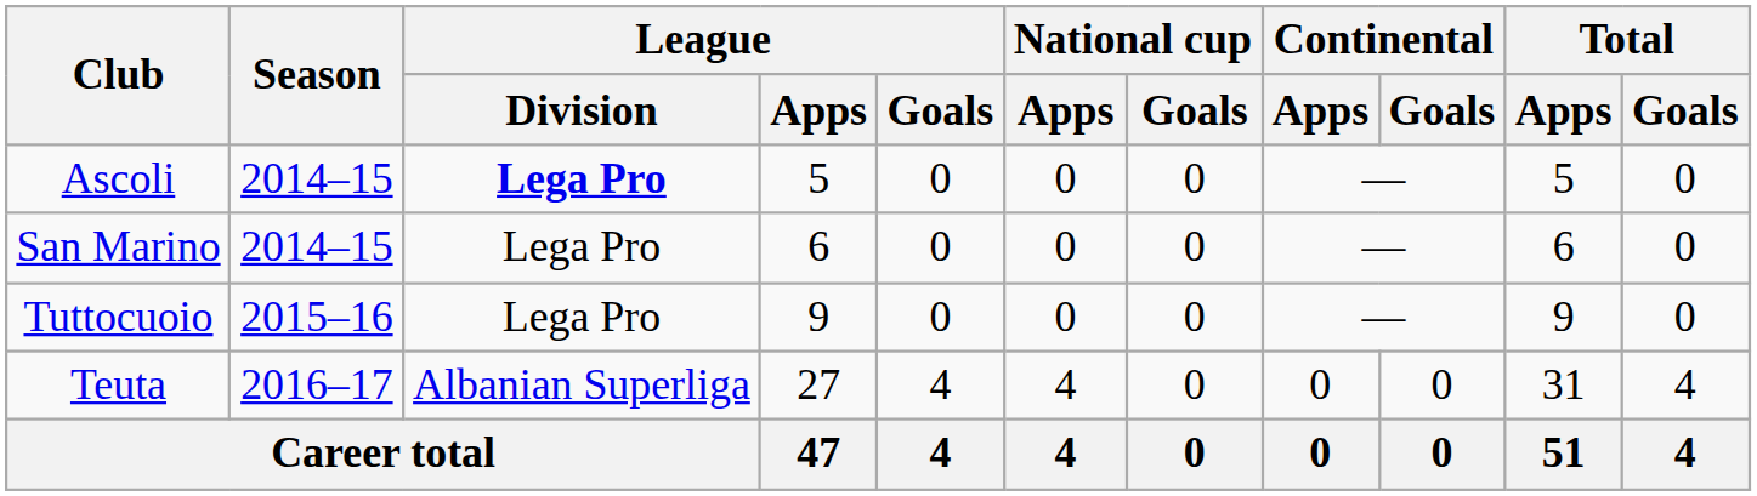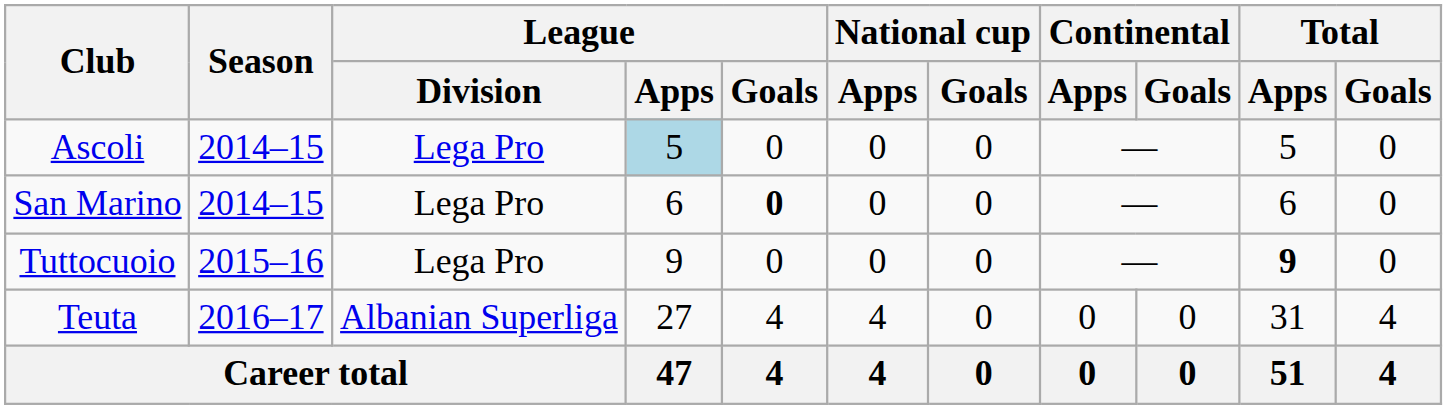 <table class="wikitable" style="text-align:center">
 <tr>
 <th rowspan="2">Club</th>
 <th rowspan="2">Season</th>
 <th colspan="3">League</th>
 <th colspan="2">National cup</th>
 <th colspan="2">Continental</th>
 <th colspan="2">Total</th>
 </tr>
 <tr>
 <th>Division</th>
 <th>Apps</th>
 <th>Goals</th>
 <th>Apps</th>
 <th>Goals</th>
 <th>Apps</th>
 <th>Goals</th>
 <th>Apps</th>
 <th>Goals</th>
 </tr>
 <tr>
 <td><a href='#'>Ascoli</a></td>
 <td><a href='#'>2014–15</a></td>
-<td><strong><a href='#'>Lega Pro</a></strong></td>
-<td>5</td>
+<td><a href='#'>Lega Pro</a></td>
+<td style="background: lightblue;">5</td>
 <td>0</td>
 <td>0</td>
 <td>0</td>
 <td colspan="2">—</td>
 <td>5</td>
 <td>0</td>
 </tr>
 <tr>
 <td><a href='#'>San Marino</a></td>
 <td><a href='#'>2014–15</a></td>
 <td>Lega Pro</td>
 <td>6</td>
-<td>0</td>
+<td><strong>0</strong></td>
 <td>0</td>
 <td>0</td>
 <td colspan="2">—</td>
 <td>6</td>
 <td>0</td>
 </tr>
 <tr>
 <td><a href='#'>Tuttocuoio</a></td>
 <td><a href='#'>2015–16</a></td>
 <td>Lega Pro</td>
 <td>9</td>
 <td>0</td>
 <td>0</td>
 <td>0</td>
 <td colspan="2">—</td>
-<td>9</td>
+<td><strong>9</strong></td>
 <td>0</td>
 </tr>
 <tr>
 <td><a href='#'>Teuta</a></td>
 <td><a href='#'>2016–17</a></td>
 <td><a href='#'>Albanian Superliga</a></td>
 <td>27</td>
 <td>4</td>
 <td>4</td>
 <td>0</td>
 <td>0</td>
 <td>0</td>
 <td>31</td>
 <td>4</td>
 </tr>
 <tr>
 <th colspan="3">Career total</th>
 <th>47</th>
 <th>4</th>
 <th>4</th>
 <th>0</th>
 <th>0</th>
 <th>0</th>
 <th>51</th>
 <th>4</th>
 </tr>
 </table>
